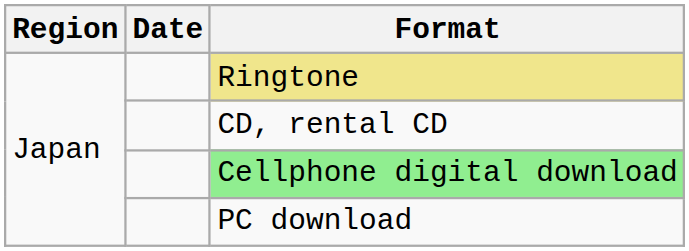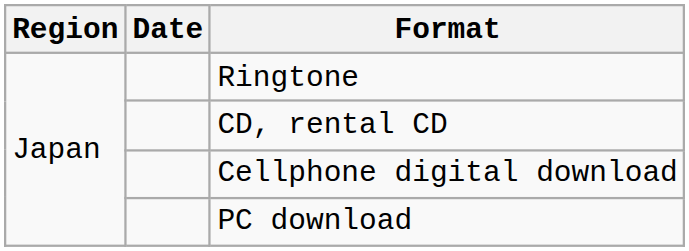 <table class="wikitable">
 <tr>
 <th>Region</th>
 <th>Date</th>
 <th>Format</th>
 </tr>
 <tr>
 <td rowspan=4>Japan</td>
 <td></td>
-<td style="background: khaki;">Ringtone</td>
+<td>Ringtone</td>
 </tr>
 <tr>
 <td></td>
 <td>CD, rental CD</td>
 </tr>
 <tr>
 <td></td>
-<td style="background: lightgreen;">Cellphone digital download</td>
+<td>Cellphone digital download</td>
 </tr>
 <tr>
 <td></td>
 <td>PC download</td>
 </tr>
 </table>
